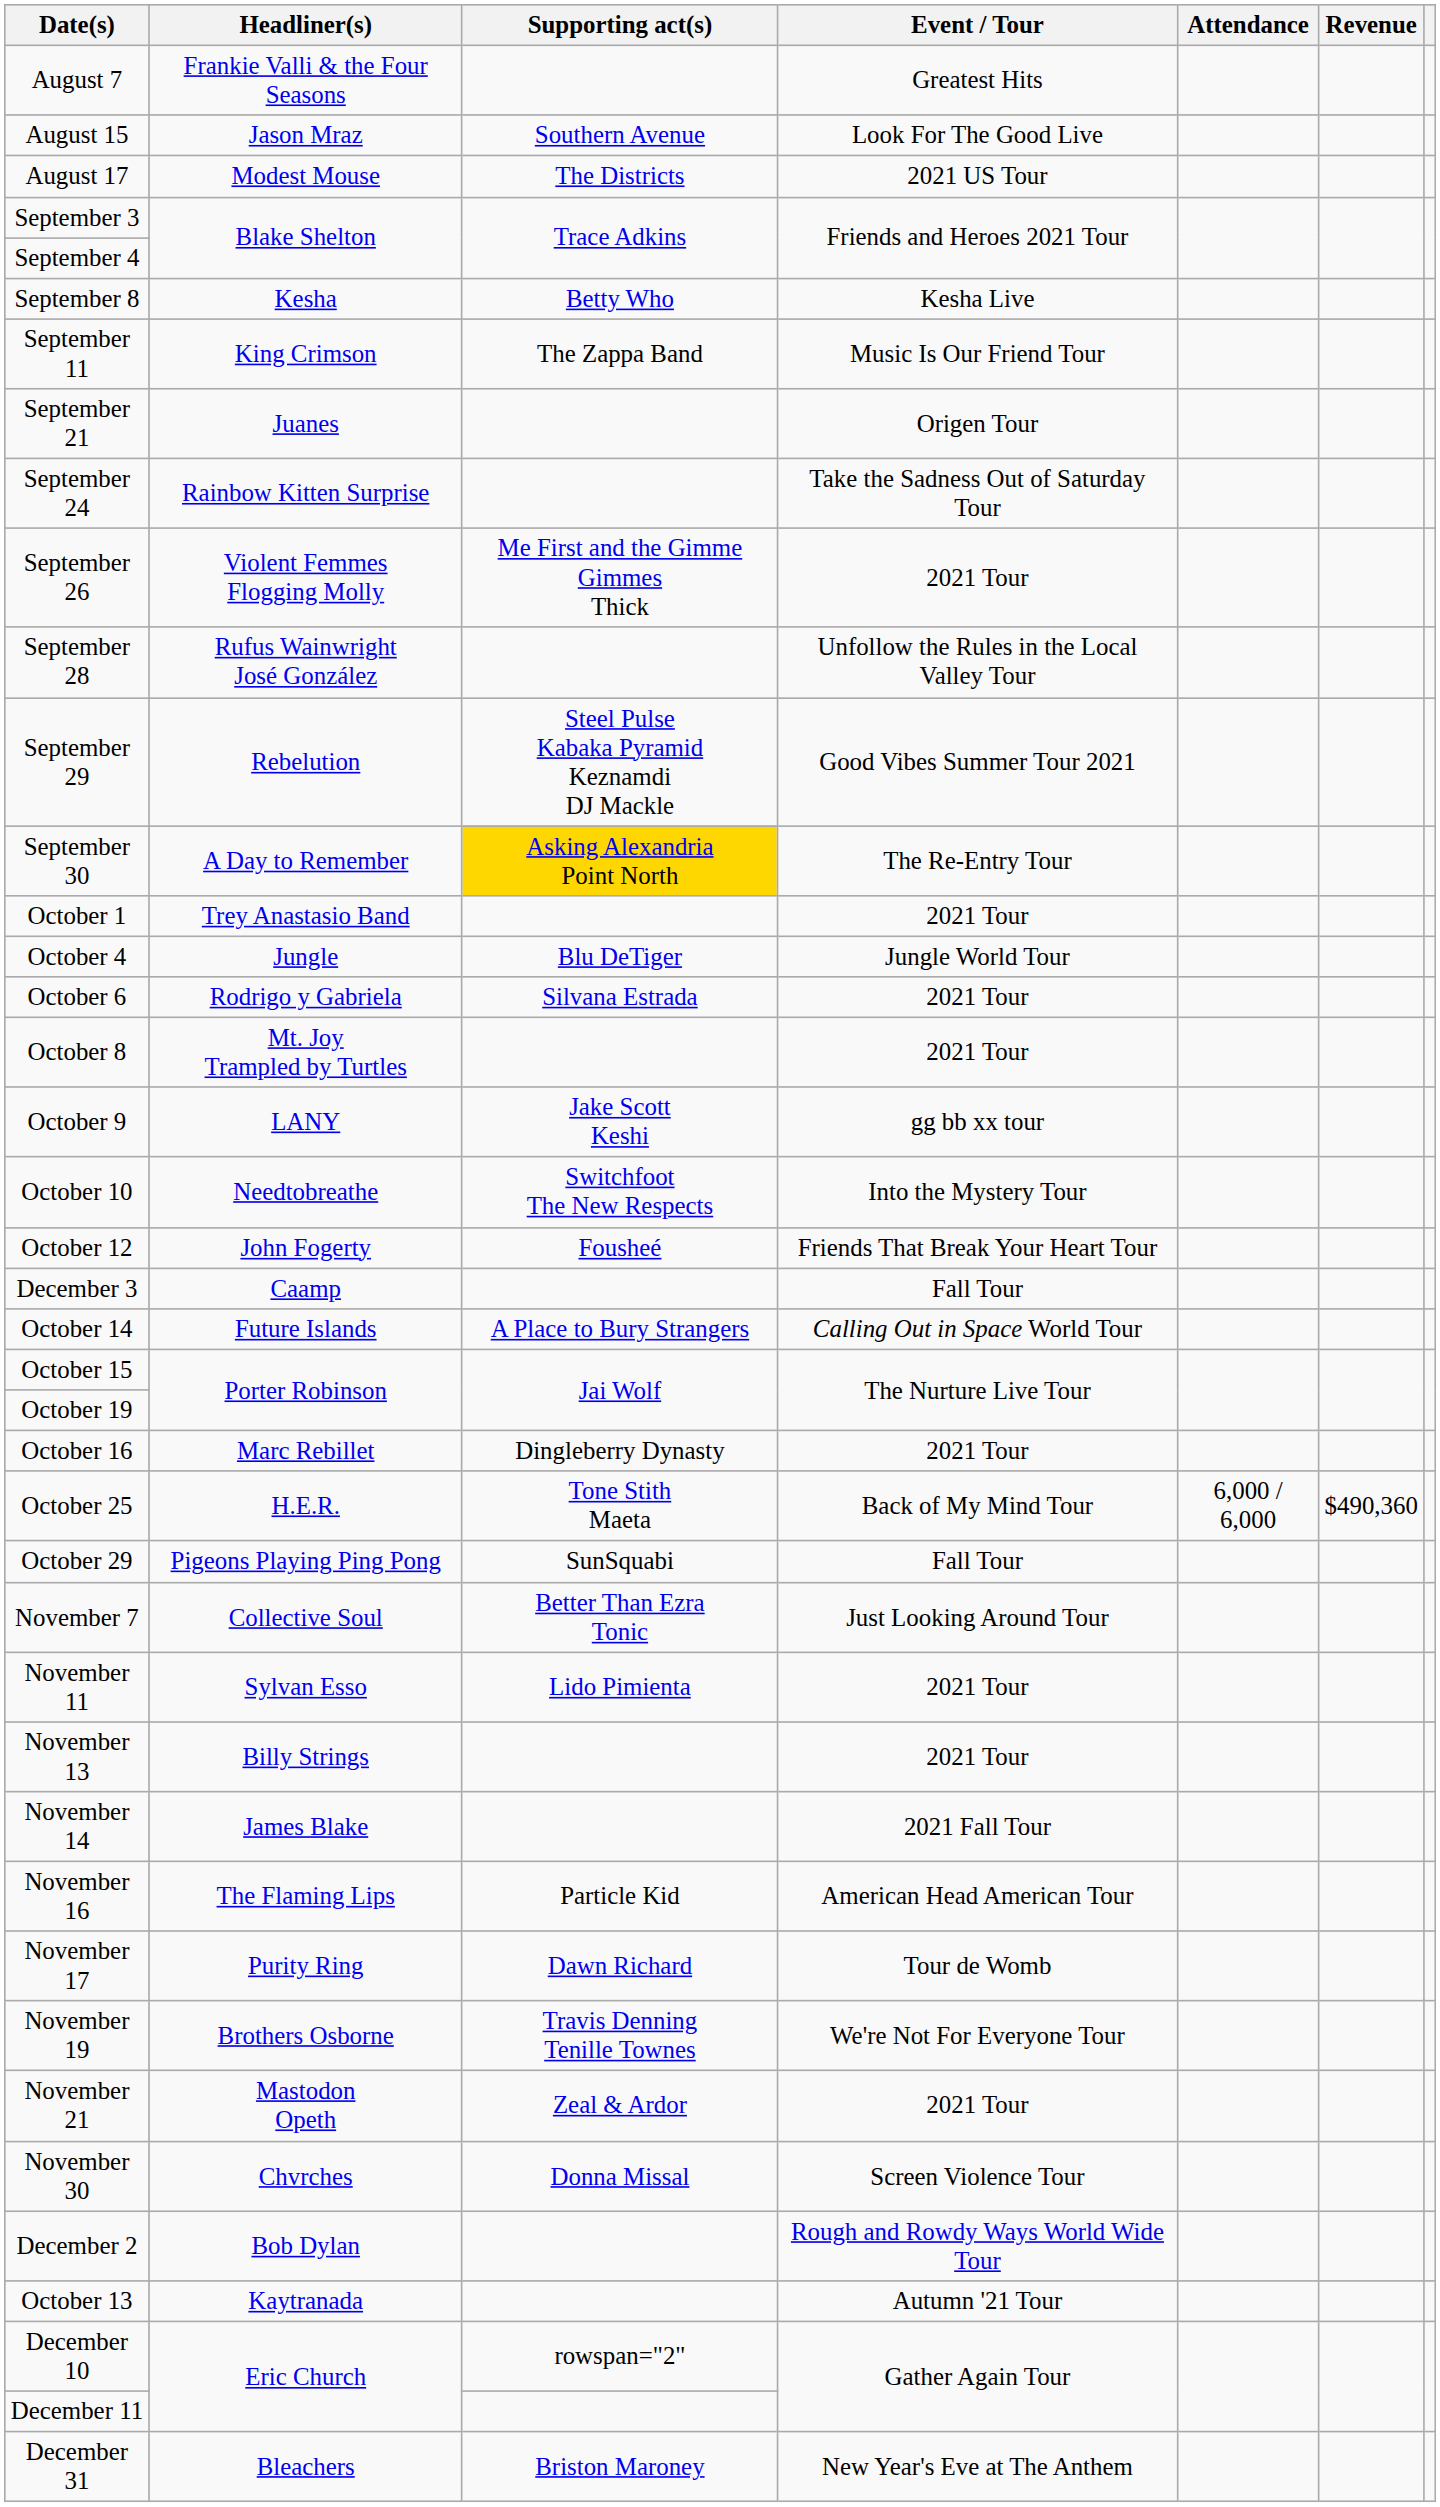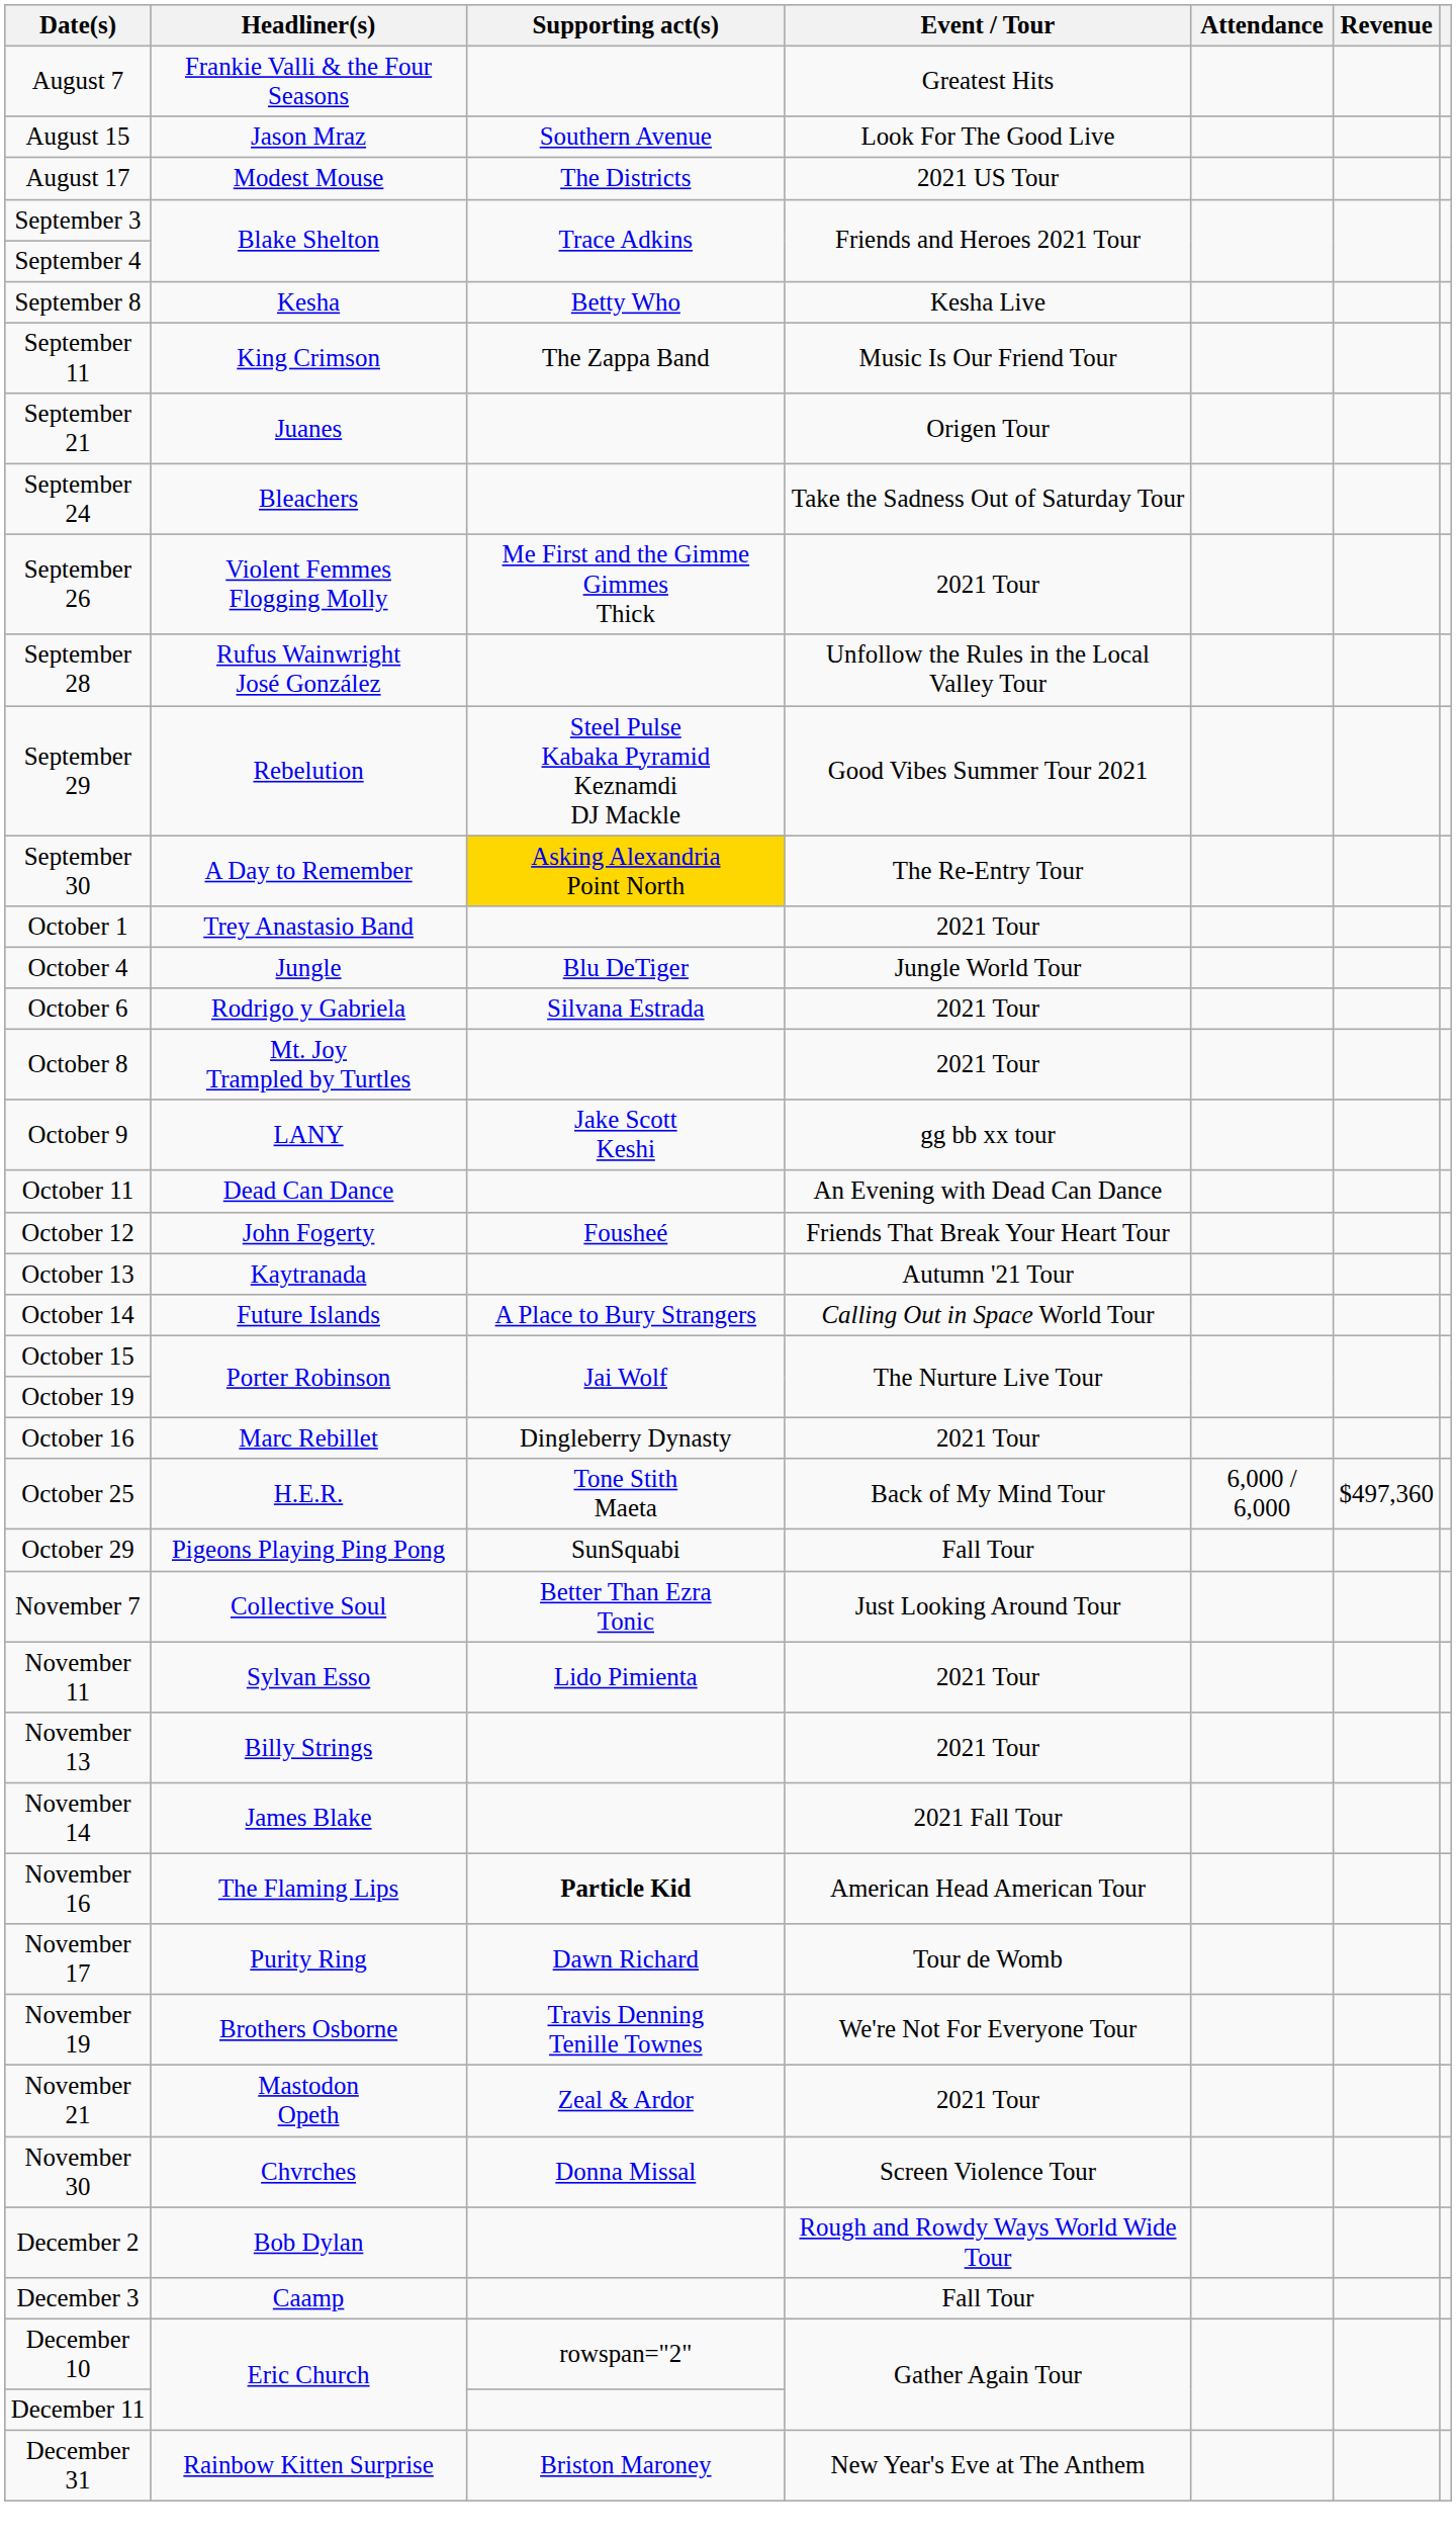 <table class="wikitable" style="text-align:center; font-size: 96%;" width=100%>
 <tr>
 <th>Date(s)</th>
 <th>Headliner(s)</th>
 <th>Supporting act(s)</th>
 <th>Event / Tour</th>
 <th>Attendance</th>
 <th>Revenue</th>
 <th></th>
 </tr>
 <tr>
 <td>August 7</td>
 <td><a href='#'>Frankie Valli & the Four Seasons</a></td>
 <td></td>
 <td>Greatest Hits</td>
 <td></td>
 <td></td>
 <td></td>
 </tr>
 <tr>
 <td>August 15</td>
 <td><a href='#'>Jason Mraz</a></td>
 <td><a href='#'>Southern Avenue</a></td>
 <td>Look For The Good Live</td>
 <td></td>
 <td></td>
 <td></td>
 </tr>
 <tr>
 <td>August 17</td>
 <td><a href='#'>Modest Mouse</a></td>
 <td><a href='#'>The Districts</a></td>
 <td>2021 US Tour</td>
 <td></td>
 <td></td>
 <td></td>
 </tr>
 <tr>
 <td>September 3</td>
 <td rowspan="2"><a href='#'>Blake Shelton</a></td>
 <td rowspan="2"><a href='#'>Trace Adkins</a></td>
 <td rowspan="2">Friends and Heroes 2021 Tour</td>
 <td rowspan="2"></td>
 <td rowspan="2"></td>
 <td rowspan="2"></td>
 </tr>
 <tr>
 <td>September 4</td>
 </tr>
 <tr>
 <td>September 8</td>
 <td><a href='#'>Kesha</a></td>
 <td><a href='#'>Betty Who</a></td>
 <td>Kesha Live</td>
 <td></td>
 <td></td>
 <td></td>
 </tr>
 <tr>
 <td>September 11</td>
 <td><a href='#'>King Crimson</a></td>
 <td>The Zappa Band</td>
 <td>Music Is Our Friend Tour</td>
 <td></td>
 <td></td>
 <td></td>
 </tr>
 <tr>
 <td>September 21</td>
 <td><a href='#'>Juanes</a></td>
 <td></td>
 <td>Origen Tour</td>
 <td></td>
 <td></td>
 <td></td>
 </tr>
 <tr>
 <td>September 24</td>
-<td><a href='#'>Rainbow Kitten Surprise</a></td>
+<td><a href='#'>Bleachers</a></td>
 <td></td>
 <td>Take the Sadness Out of Saturday Tour</td>
 <td></td>
 <td></td>
 <td></td>
 </tr>
 <tr>
 <td>September 26</td>
 <td><a href='#'>Violent Femmes</a><br><a href='#'>Flogging Molly</a></td>
 <td><a href='#'>Me First and the Gimme Gimmes</a><br>Thick</td>
 <td>2021 Tour</td>
 <td></td>
 <td></td>
 <td></td>
 </tr>
 <tr>
 <td>September 28</td>
 <td><a href='#'>Rufus Wainwright</a><br><a href='#'>José González</a></td>
 <td></td>
 <td>Unfollow the Rules in the Local Valley Tour</td>
 <td></td>
 <td></td>
 <td></td>
 </tr>
 <tr>
 <td>September 29</td>
 <td><a href='#'>Rebelution</a></td>
 <td><a href='#'>Steel Pulse</a><br><a href='#'>Kabaka Pyramid</a><br>Keznamdi<br>DJ Mackle</td>
 <td>Good Vibes Summer Tour 2021</td>
 <td></td>
 <td></td>
 <td></td>
 </tr>
 <tr>
 <td>September 30</td>
 <td><a href='#'>A Day to Remember</a></td>
 <td style="background: gold;"><a href='#'>Asking Alexandria</a><br>Point North</td>
 <td>The Re-Entry Tour</td>
 <td></td>
 <td></td>
 <td></td>
 </tr>
 <tr>
 <td>October 1</td>
 <td><a href='#'>Trey Anastasio Band</a></td>
 <td></td>
 <td>2021 Tour</td>
 <td></td>
 <td></td>
 <td></td>
 </tr>
 <tr>
 <td>October 4</td>
 <td><a href='#'>Jungle</a></td>
 <td><a href='#'>Blu DeTiger</a></td>
 <td>Jungle World Tour</td>
 <td></td>
 <td></td>
 <td></td>
 </tr>
 <tr>
 <td>October 6</td>
 <td><a href='#'>Rodrigo y Gabriela</a></td>
 <td><a href='#'>Silvana Estrada</a></td>
 <td>2021 Tour</td>
 <td></td>
 <td></td>
 <td></td>
 </tr>
 <tr>
 <td>October 8</td>
 <td><a href='#'>Mt. Joy</a><br><a href='#'>Trampled by Turtles</a></td>
 <td></td>
 <td>2021 Tour</td>
 <td></td>
 <td></td>
 <td></td>
 </tr>
 <tr>
 <td>October 9</td>
 <td><a href='#'>LANY</a></td>
 <td><a href='#'>Jake Scott</a><br><a href='#'>Keshi</a></td>
 <td>gg bb xx tour</td>
 <td></td>
 <td></td>
 <td></td>
 </tr>
 <tr>
-<td>October 10</td>
-<td><a href='#'>Needtobreathe</a></td>
-<td><a href='#'>Switchfoot</a><br><a href='#'>The New Respects</a></td>
-<td>Into the Mystery Tour</td>
+<td>October 11</td>
+<td><a href='#'>Dead Can Dance</a></td>
+<td></td>
+<td>An Evening with Dead Can Dance</td>
 <td></td>
 <td></td>
 <td></td>
 </tr>
 <tr>
 <td>October 12</td>
 <td><a href='#'>John Fogerty</a></td>
 <td><a href='#'>Fousheé</a></td>
 <td>Friends That Break Your Heart Tour</td>
 <td></td>
 <td></td>
 <td></td>
 </tr>
 <tr>
-<td>December 3</td>
-<td><a href='#'>Caamp</a></td>
+<td>October 13</td>
+<td><a href='#'>Kaytranada</a></td>
 <td></td>
-<td>Fall Tour</td>
+<td>Autumn '21 Tour</td>
 <td></td>
 <td></td>
 <td></td>
 </tr>
 <tr>
 <td>October 14</td>
 <td><a href='#'>Future Islands</a></td>
 <td><a href='#'>A Place to Bury Strangers</a></td>
 <td><em>Calling Out in Space</em> World Tour</td>
 <td></td>
 <td></td>
 <td></td>
 </tr>
 <tr>
 <td>October 15</td>
 <td rowspan="2"><a href='#'>Porter Robinson</a></td>
 <td rowspan="2"><a href='#'>Jai Wolf</a></td>
 <td rowspan="2">The Nurture Live Tour</td>
 <td rowspan="2"></td>
 <td rowspan="2"></td>
 <td rowspan="2"></td>
 </tr>
 <tr>
 <td>October 19</td>
 </tr>
 <tr>
 <td>October 16</td>
 <td><a href='#'>Marc Rebillet</a></td>
 <td>Dingleberry Dynasty</td>
 <td>2021 Tour</td>
 <td></td>
 <td></td>
 <td></td>
 </tr>
 <tr>
 <td>October 25</td>
 <td><a href='#'>H.E.R.</a></td>
 <td><a href='#'>Tone Stith</a><br>Maeta</td>
 <td>Back of My Mind Tour</td>
 <td>6,000 / 6,000</td>
-<td>$490,360</td>
+<td>$497,360</td>
 <td></td>
 </tr>
 <tr>
 <td>October 29</td>
 <td><a href='#'>Pigeons Playing Ping Pong</a></td>
 <td>SunSquabi</td>
 <td>Fall Tour</td>
 <td></td>
 <td></td>
 <td></td>
 </tr>
 <tr>
 <td>November 7</td>
 <td><a href='#'>Collective Soul</a></td>
 <td><a href='#'>Better Than Ezra</a><br><a href='#'>Tonic</a></td>
 <td>Just Looking Around Tour</td>
 <td></td>
 <td></td>
 <td></td>
 </tr>
 <tr>
 <td>November 11</td>
 <td><a href='#'>Sylvan Esso</a></td>
 <td><a href='#'>Lido Pimienta</a></td>
 <td>2021 Tour</td>
 <td></td>
 <td></td>
 <td></td>
 </tr>
 <tr>
 <td>November 13</td>
 <td><a href='#'>Billy Strings</a></td>
 <td></td>
 <td>2021 Tour</td>
 <td></td>
 <td></td>
 <td></td>
 </tr>
 <tr>
 <td>November 14</td>
 <td><a href='#'>James Blake</a></td>
 <td></td>
 <td>2021 Fall Tour</td>
 <td></td>
 <td></td>
 <td></td>
 </tr>
 <tr>
 <td>November 16</td>
 <td><a href='#'>The Flaming Lips</a></td>
-<td>Particle Kid</td>
+<td><strong>Particle Kid</strong></td>
 <td>American Head American Tour</td>
 <td></td>
 <td></td>
 <td></td>
 </tr>
 <tr>
 <td>November 17</td>
 <td><a href='#'>Purity Ring</a></td>
 <td><a href='#'>Dawn Richard</a></td>
 <td>Tour de Womb</td>
 <td></td>
 <td></td>
 <td></td>
 </tr>
 <tr>
 <td>November 19</td>
 <td><a href='#'>Brothers Osborne</a></td>
 <td><a href='#'>Travis Denning</a><br><a href='#'>Tenille Townes</a></td>
 <td>We're Not For Everyone Tour</td>
 <td></td>
 <td></td>
 <td></td>
 </tr>
 <tr>
 <td>November 21</td>
 <td><a href='#'>Mastodon</a><br><a href='#'>Opeth</a></td>
 <td><a href='#'>Zeal & Ardor</a></td>
 <td>2021 Tour</td>
 <td></td>
 <td></td>
 <td></td>
 </tr>
 <tr>
 <td>November 30</td>
 <td><a href='#'>Chvrches</a></td>
 <td><a href='#'>Donna Missal</a></td>
 <td>Screen Violence Tour</td>
 <td></td>
 <td></td>
 <td></td>
 </tr>
 <tr>
 <td>December 2</td>
 <td><a href='#'>Bob Dylan</a></td>
 <td></td>
 <td><a href='#'>Rough and Rowdy Ways World Wide Tour</a></td>
 <td></td>
 <td></td>
 <td></td>
 </tr>
 <tr>
-<td>October 13</td>
-<td><a href='#'>Kaytranada</a></td>
+<td>December 3</td>
+<td><a href='#'>Caamp</a></td>
 <td></td>
-<td>Autumn '21 Tour</td>
+<td>Fall Tour</td>
 <td></td>
 <td></td>
 <td></td>
 </tr>
 <tr>
 <td>December 10</td>
 <td rowspan="2"><a href='#'>Eric Church</a></td>
 <td>rowspan="2" </td>
 <td rowspan="2">Gather Again Tour</td>
 <td rowspan="2"></td>
 <td rowspan="2"></td>
 <td rowspan="2"></td>
 </tr>
 <tr>
 <td>December 11</td>
 </tr>
 <tr>
 <td>December 31</td>
-<td><a href='#'>Bleachers</a></td>
+<td><a href='#'>Rainbow Kitten Surprise</a></td>
 <td><a href='#'>Briston Maroney</a></td>
 <td>New Year's Eve at The Anthem</td>
 <td></td>
 <td></td>
 <td></td>
 </tr>
 </table>
